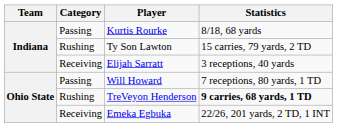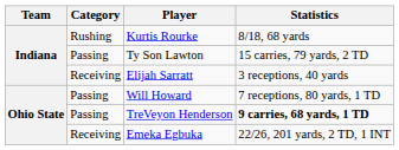 <table class="wikitable" style="float:right">
 <tr>
 <th>Team</th>
 <th>Category</th>
 <th>Player</th>
 <th>Statistics</th>
 </tr>
 <tr>
 <th rowspan=3>Indiana</th>
-<td>Passing</td>
+<td>Rushing</td>
 <td><a href='#'>Kurtis Rourke</a></td>
 <td>8/18, 68 yards</td>
 </tr>
 <tr>
-<td>Rushing</td>
+<td>Passing</td>
 <td>Ty Son Lawton</td>
 <td>15 carries, 79 yards, 2 TD</td>
 </tr>
 <tr>
 <td>Receiving</td>
 <td><a href='#'>Elijah Sarratt</a></td>
 <td>3 receptions, 40 yards</td>
 </tr>
 <tr>
 <th rowspan=3>Ohio State</th>
 <td>Passing</td>
 <td><a href='#'>Will Howard</a></td>
 <td>7 receptions, 80 yards, 1 TD</td>
 </tr>
 <tr>
-<td>Rushing</td>
+<td>Passing</td>
 <td><a href='#'>TreVeyon Henderson</a></td>
 <td><strong>9 carries, 68 yards, 1 TD</strong></td>
 </tr>
 <tr>
 <td>Receiving</td>
 <td><a href='#'>Emeka Egbuka</a></td>
 <td>22/26, 201 yards, 2 TD, 1 INT</td>
 </tr>
 </table>
